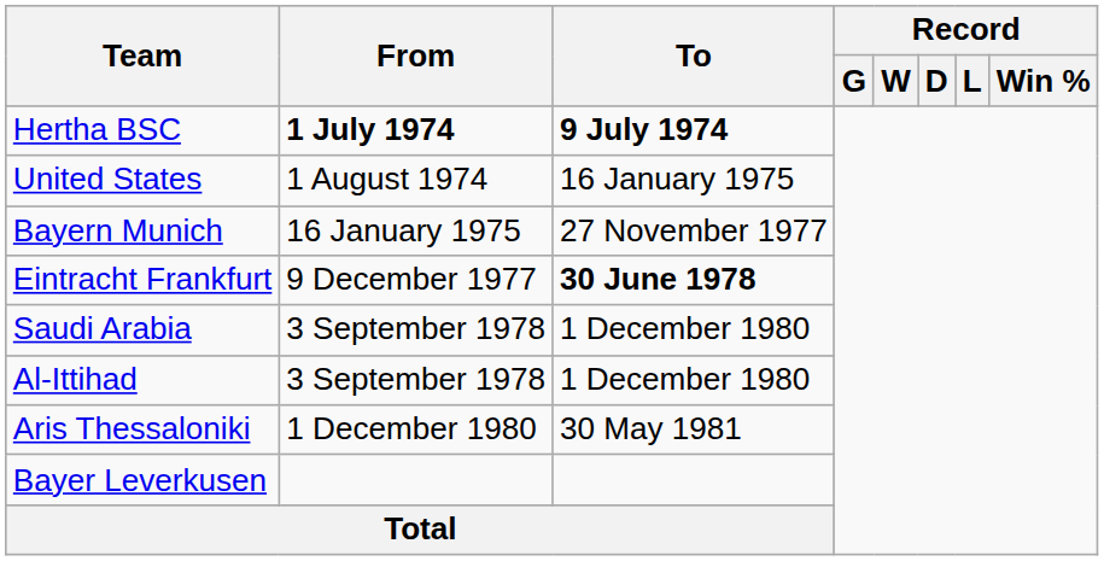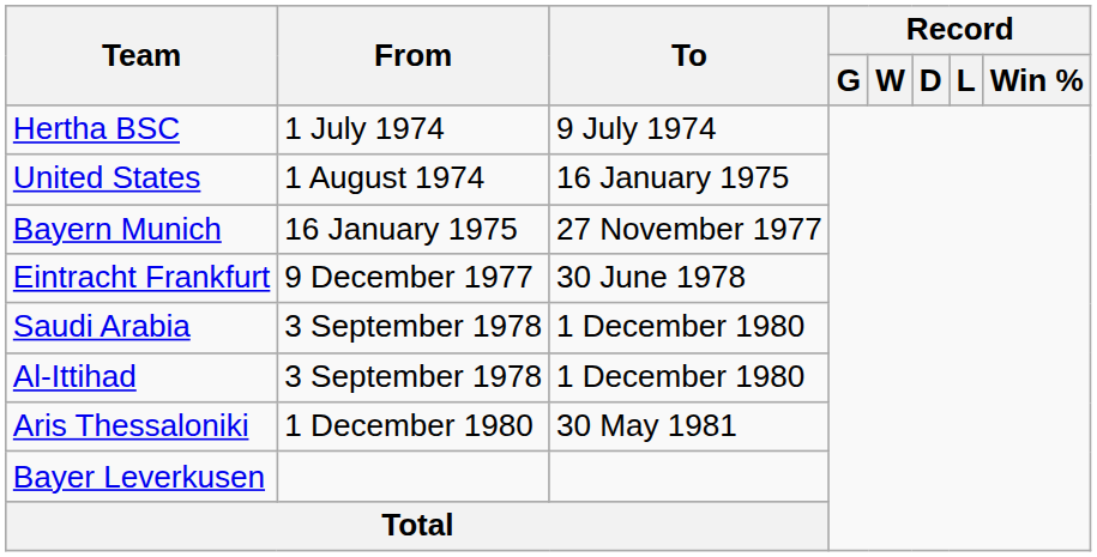 <table class="wikitable" style="text-align: center">
 <tr>
 <th rowspan="2">Team</th>
 <th rowspan="2">From</th>
 <th rowspan="2">To</th>
 <th colspan="6">Record</th>
 </tr>
 <tr>
 <th>G</th>
 <th>W</th>
 <th>D</th>
 <th>L</th>
 <th>Win %</th>
 </tr>
 <tr>
 <td align=left><a href='#'>Hertha BSC</a></td>
-<td align=left><strong>1 July 1974</strong></td>
-<td align=left><strong>9 July 1974<br></strong></td>
+<td align=left>1 July 1974</td>
+<td align=left>9 July 1974<br></td>
 </tr>
 <tr>
 <td align=left><a href='#'>United States</a></td>
 <td align=left>1 August 1974</td>
 <td align=left>16 January 1975<br></td>
 </tr>
 <tr>
 <td align=left><a href='#'>Bayern Munich</a></td>
 <td align=left>16 January 1975</td>
 <td align=left>27 November 1977<br></td>
 </tr>
 <tr>
 <td align=left><a href='#'>Eintracht Frankfurt</a></td>
 <td align=left>9 December 1977</td>
-<td align=left><strong>30 June 1978<br></strong></td>
+<td align=left>30 June 1978<br></td>
 </tr>
 <tr>
 <td align=left><a href='#'>Saudi Arabia</a></td>
 <td align=left>3 September 1978</td>
 <td align=left>1 December 1980<br></td>
 </tr>
 <tr>
 <td align=left><a href='#'>Al-Ittihad</a></td>
 <td align=left>3 September 1978</td>
 <td align=left>1 December 1980<br></td>
 </tr>
 <tr>
 <td align=left><a href='#'>Aris Thessaloniki</a></td>
 <td align=left>1 December 1980</td>
 <td align=left>30 May 1981<br></td>
 </tr>
 <tr>
 <td align=left><a href='#'>Bayer Leverkusen</a></td>
 <td align=left></td>
 <td align=left><br></td>
 </tr>
 <tr>
 <th colspan="3">Total<br></th>
 </tr>
 </table>
